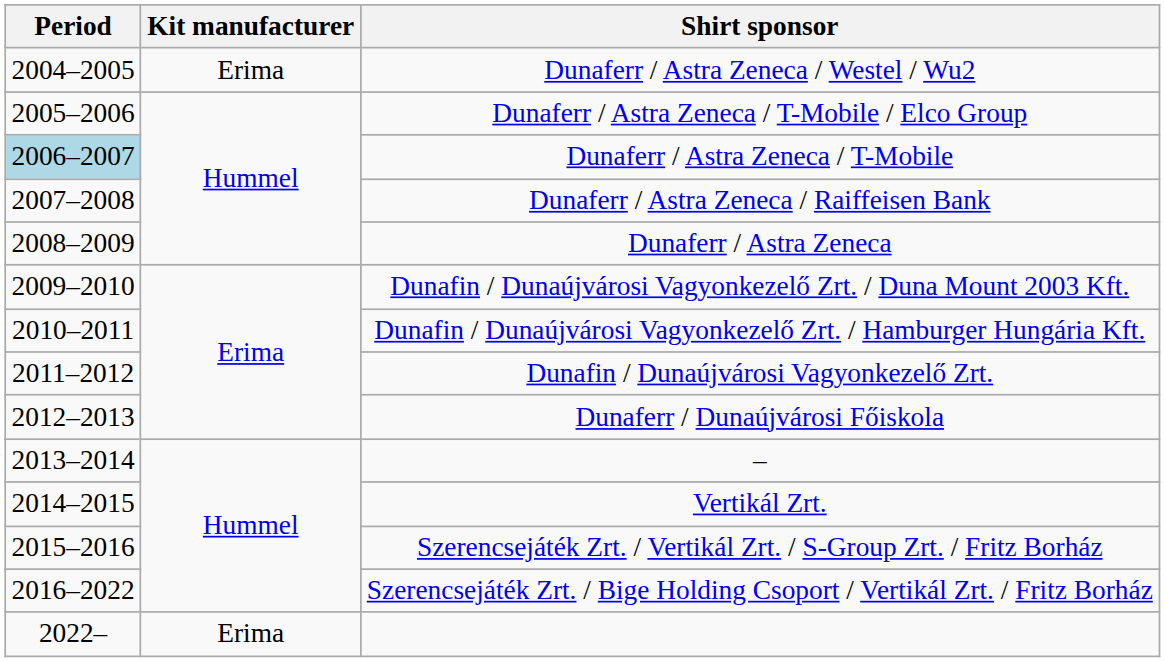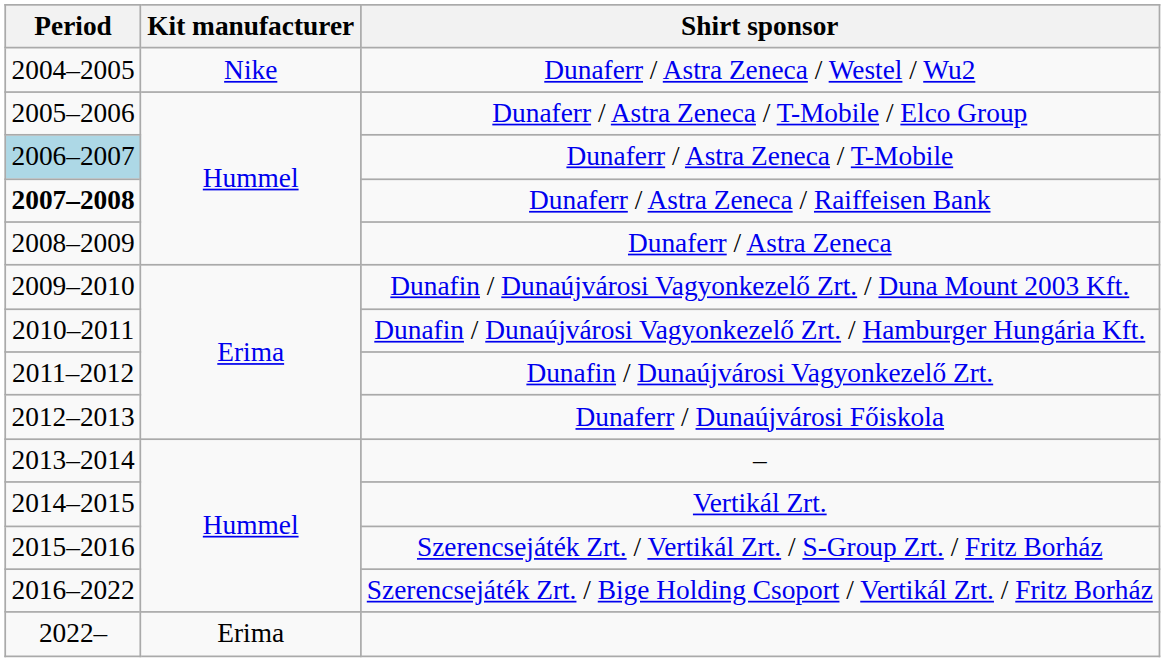 <table class="wikitable" style="text-align:center; margin-left:1em">
 <tr>
 <th>Period</th>
 <th>Kit manufacturer</th>
 <th>Shirt sponsor</th>
 </tr>
 <tr>
 <td>2004–2005</td>
-<td>Erima</td>
+<td rowspan="1"><a href='#'>Nike</a></td>
 <td><a href='#'>Dunaferr</a> / <a href='#'>Astra Zeneca</a> / <a href='#'>Westel</a> / <a href='#'>Wu2</a></td>
 </tr>
 <tr>
 <td>2005–2006</td>
 <td rowspan="4"><a href='#'>Hummel</a></td>
 <td><a href='#'>Dunaferr</a> / <a href='#'>Astra Zeneca</a> / <a href='#'>T-Mobile</a> / <a href='#'>Elco Group</a></td>
 </tr>
 <tr>
 <td style="background: lightblue;">2006–2007</td>
 <td><a href='#'>Dunaferr</a> / <a href='#'>Astra Zeneca</a> / <a href='#'>T-Mobile</a></td>
 </tr>
 <tr>
-<td>2007–2008</td>
+<td><strong>2007–2008</strong></td>
 <td><a href='#'>Dunaferr</a> / <a href='#'>Astra Zeneca</a> / <a href='#'>Raiffeisen Bank</a></td>
 </tr>
 <tr>
 <td>2008–2009</td>
 <td><a href='#'>Dunaferr</a> / <a href='#'>Astra Zeneca</a></td>
 </tr>
 <tr>
 <td>2009–2010</td>
 <td rowspan="4"><a href='#'>Erima</a></td>
 <td><a href='#'>Dunafin</a> / <a href='#'>Dunaújvárosi Vagyonkezelő Zrt.</a> / <a href='#'>Duna Mount 2003 Kft.</a></td>
 </tr>
 <tr>
 <td>2010–2011</td>
 <td><a href='#'>Dunafin</a> / <a href='#'>Dunaújvárosi Vagyonkezelő Zrt.</a> / <a href='#'>Hamburger Hungária Kft.</a></td>
 </tr>
 <tr>
 <td>2011–2012</td>
 <td><a href='#'>Dunafin</a> / <a href='#'>Dunaújvárosi Vagyonkezelő Zrt.</a></td>
 </tr>
 <tr>
 <td>2012–2013</td>
 <td><a href='#'>Dunaferr</a> / <a href='#'>Dunaújvárosi Főiskola</a></td>
 </tr>
 <tr>
 <td>2013–2014</td>
 <td rowspan="4"><a href='#'>Hummel</a></td>
 <td>–</td>
 </tr>
 <tr>
 <td>2014–2015</td>
 <td><a href='#'>Vertikál Zrt.</a></td>
 </tr>
 <tr>
 <td>2015–2016</td>
 <td><a href='#'>Szerencsejáték Zrt.</a> / <a href='#'>Vertikál Zrt.</a> / <a href='#'>S-Group Zrt.</a> / <a href='#'>Fritz Borház</a></td>
 </tr>
 <tr>
 <td>2016–2022</td>
 <td><a href='#'>Szerencsejáték Zrt.</a> / <a href='#'>Bige Holding Csoport</a> / <a href='#'>Vertikál Zrt.</a> / <a href='#'>Fritz Borház</a></td>
 </tr>
 <tr>
 <td>2022–</td>
 <td>Erima</td>
 <td></td>
 </tr>
 </table>
